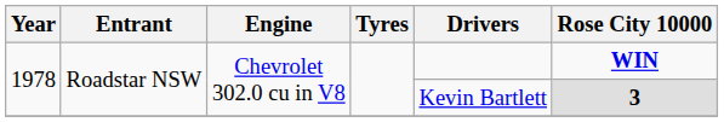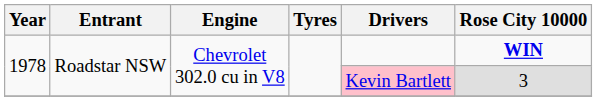 <table class="wikitable" style="text-align:center; font-size:95%">
 <tr>
 <th>Year</th>
 <th>Entrant</th>
 <th>Engine</th>
 <th>Tyres</th>
 <th>Drivers</th>
 <th>Rose City 10000</th>
 </tr>
 <tr>
 <td rowspan="2">1978</td>
 <td rowspan="2">Roadstar NSW</td>
 <td rowspan="2"><a href='#'>Chevrolet</a> <br>302.0 cu in <a href='#'>V8</a></td>
 <td rowspan="2"></td>
 <td></td>
 <td><strong><a href='#'>WIN</a></strong></td>
 </tr>
 <tr>
-<td align="left"> <a href='#'>Kevin Bartlett</a></td>
-<td style="background:#dfdfdf;"><strong>3</strong></td>
+<td align="left" style="background: pink;"> <a href='#'>Kevin Bartlett</a></td>
+<td style="background:#dfdfdf;">3</td>
 </tr>
 <tr>
 </tr>
 </table>
